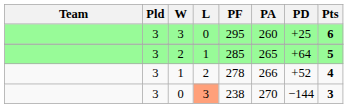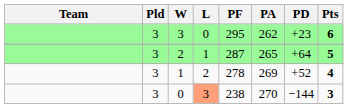 <table class="wikitable" style="text-align:center;">
 <tr>
 <th width=170>Team</th>
 <th width=25>Pld</th>
 <th width=25>W</th>
 <th width=25>L</th>
 <th width=35>PF</th>
 <th width=35>PA</th>
 <th width=35>PD</th>
 <th width=25>Pts</th>
 </tr>
 <tr bgcolor="#98fb98">
 <td align="left"><em></em></td>
 <td>3</td>
 <td>3</td>
 <td>0</td>
 <td>295</td>
-<td>260</td>
-<td>+25</td>
+<td>262</td>
+<td>+23</td>
 <td><strong>6</strong></td>
 </tr>
 <tr>
 </tr>
 <tr bgcolor="#98fb98">
 <td align="left"><em></em></td>
 <td>3</td>
 <td>2</td>
 <td>1</td>
-<td>285</td>
+<td>287</td>
 <td>265</td>
 <td>+64</td>
 <td><strong>5</strong></td>
 </tr>
 <tr>
 <td align="left"></td>
 <td>3</td>
 <td>1</td>
 <td>2</td>
 <td>278</td>
-<td>266</td>
+<td>269</td>
 <td>+52</td>
 <td><strong>4</strong></td>
 </tr>
 <tr>
 <td align="left"></td>
 <td>3</td>
 <td>0</td>
 <td style="background: lightsalmon;">3</td>
 <td>238</td>
 <td>270</td>
 <td>−144</td>
 <td><strong>3</strong></td>
 </tr>
 </table>
